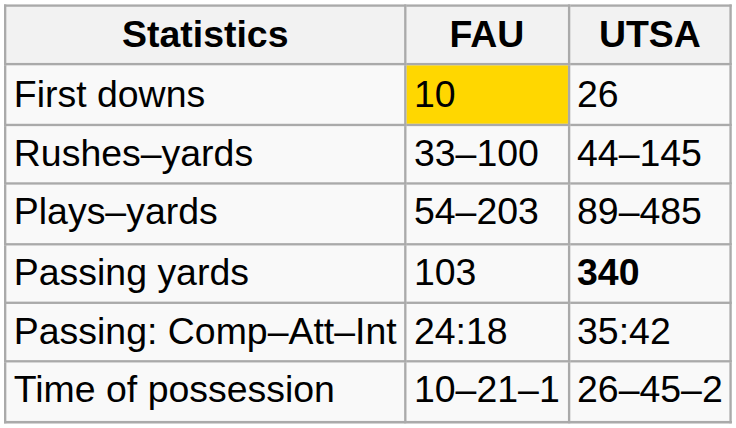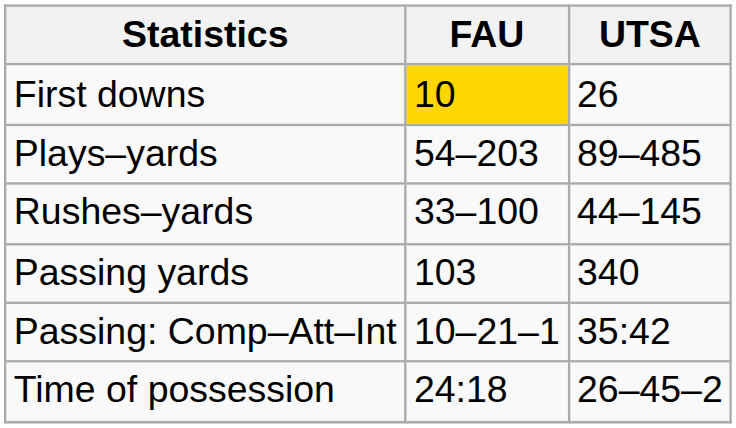 <table class="wikitable" style="float: left;">
 <tr>
 <th>Statistics</th>
 <th>FAU</th>
 <th>UTSA</th>
 </tr>
 <tr>
 <td>First downs</td>
 <td style="background: gold;">10</td>
 <td>26</td>
 </tr>
 <tr>
+<td>Plays–yards</td>
+<td>54–203</td>
+<td>89–485</td>
+</tr>
+<tr>
 <td>Rushes–yards</td>
 <td>33–100</td>
 <td>44–145</td>
 </tr>
 <tr>
-<td>Plays–yards</td>
-<td>54–203</td>
-<td>89–485</td>
-</tr>
-<tr>
 <td>Passing yards</td>
 <td>103</td>
-<td><strong>340</strong></td>
+<td>340</td>
 </tr>
 <tr>
 <td>Passing: Comp–Att–Int</td>
-<td>24:18</td>
+<td>10–21–1</td>
 <td>35:42</td>
 </tr>
 <tr>
 <td>Time of possession</td>
-<td>10–21–1</td>
+<td>24:18</td>
 <td>26–45–2</td>
 </tr>
 <tr>
 </tr>
 </table>
